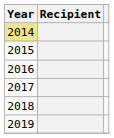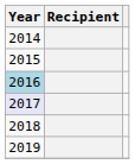 <table class="wikitable plainrowheaders sortable" style="text-align:center">
 <tr>
 <th scope=col>Year</th>
 <th scope=col>Recipient</th>
 <th scope=col class=unsortable></th>
 </tr>
 <tr>
-<td style="background: khaki;">2014</td>
+<td>2014</td>
 <th scope=row style="text-align:center;"></th>
 <td></td>
 </tr>
 <tr>
 <td>2015</td>
 <th scope=row style="text-align:center;"></th>
 <td></td>
 </tr>
 <tr>
-<td>2016</td>
+<td style="background: lightblue;">2016</td>
 <th scope=row style="text-align:center;"></th>
 <td></td>
 </tr>
 <tr>
-<td>2017</td>
+<td style="background: lavender;">2017</td>
 <th scope=row style="text-align:center;"></th>
 <td></td>
 </tr>
 <tr>
 <td>2018</td>
 <th scope=row style="text-align:center;"></th>
 <td></td>
 </tr>
 <tr>
 <td>2019</td>
 <th scope=row style="text-align:center;"></th>
 <td></td>
 </tr>
 <tr>
 </tr>
 </table>
